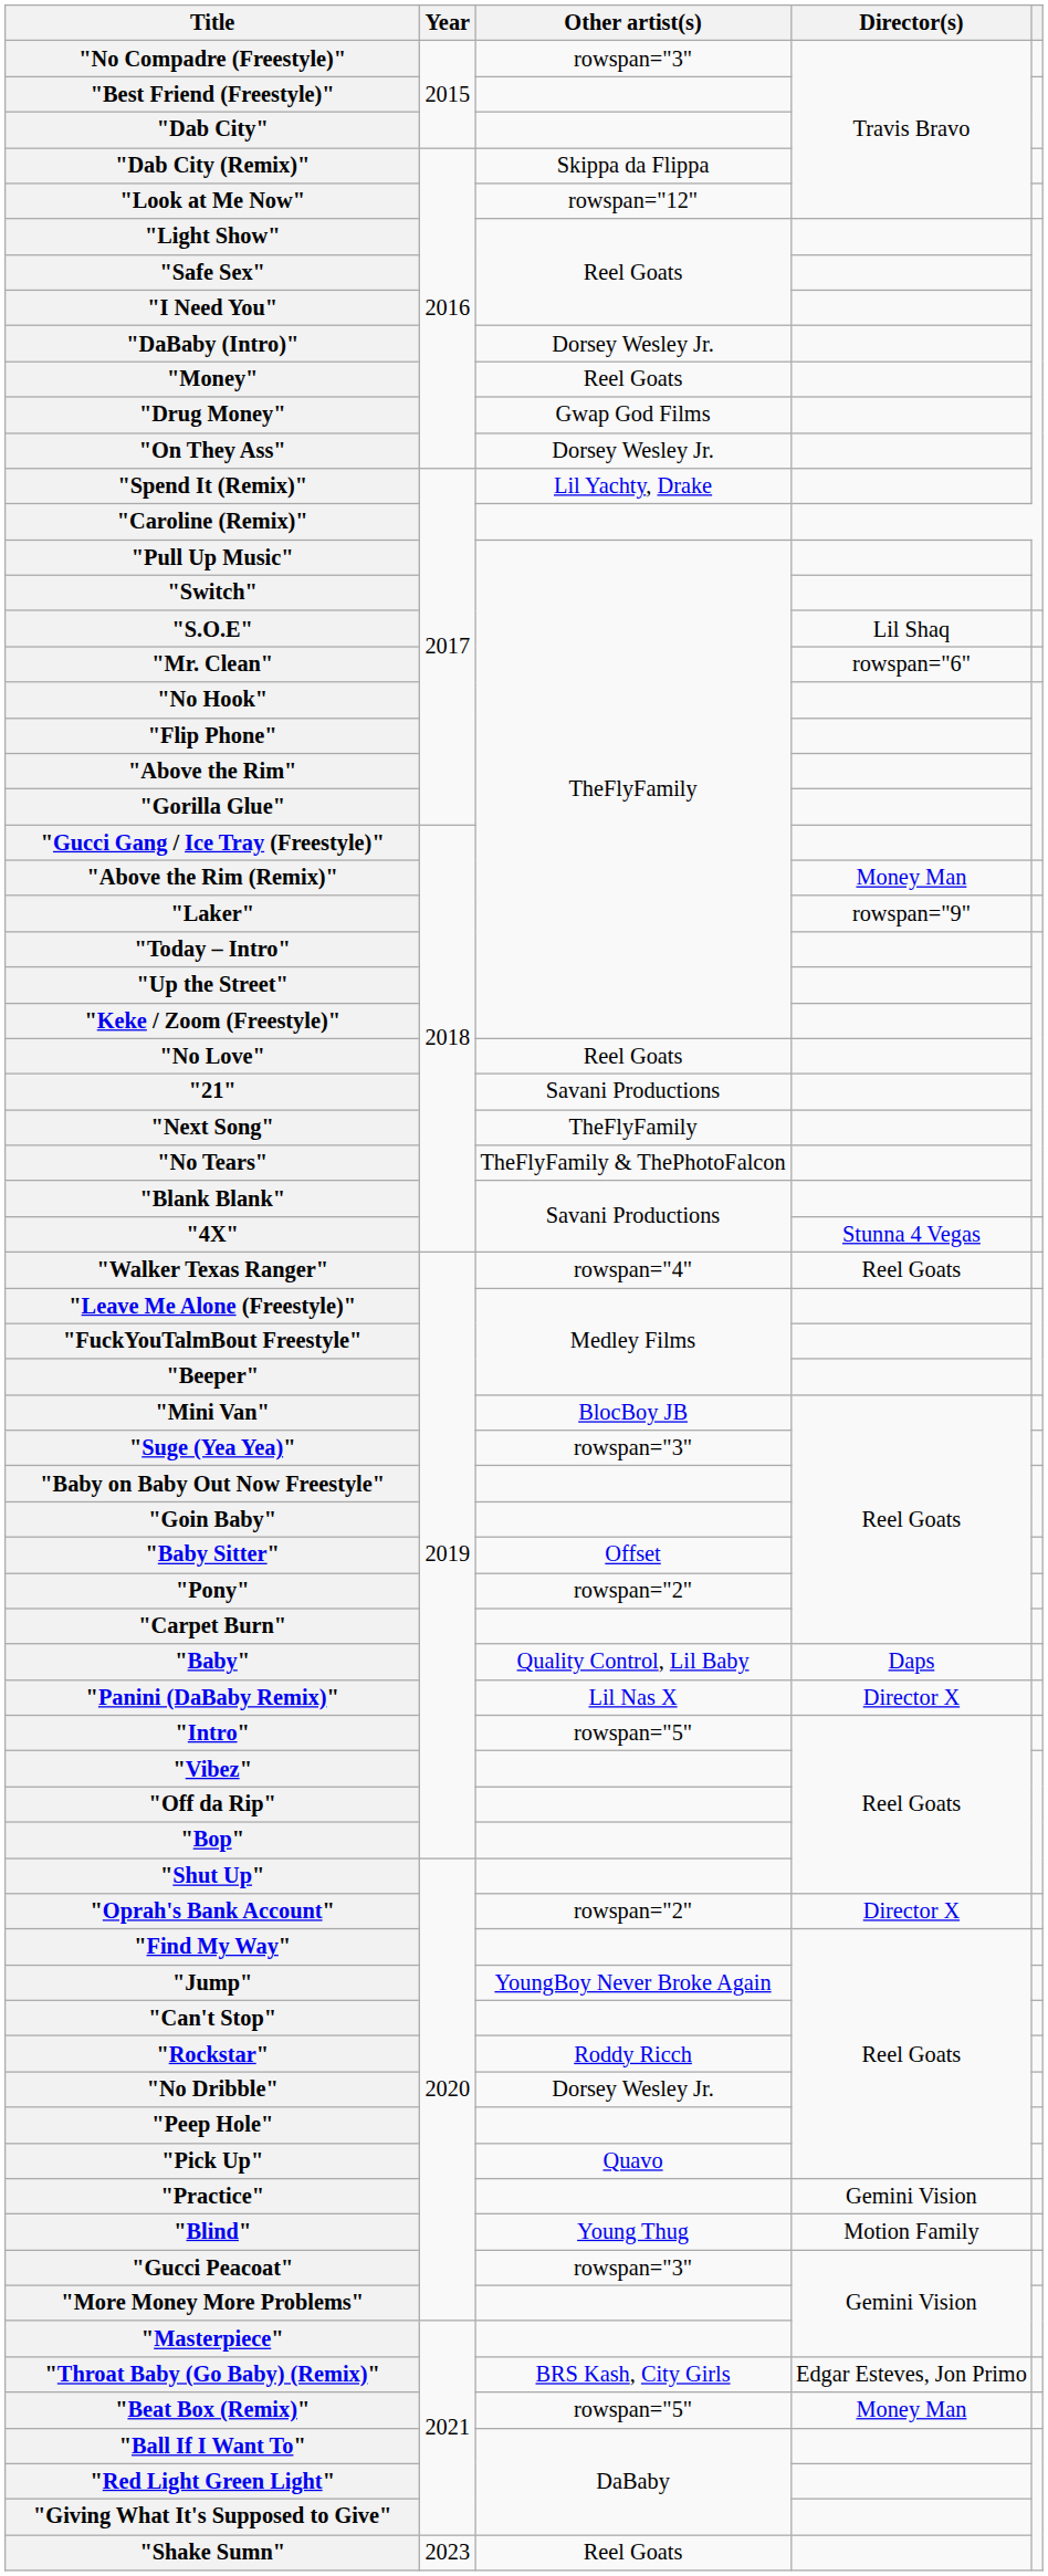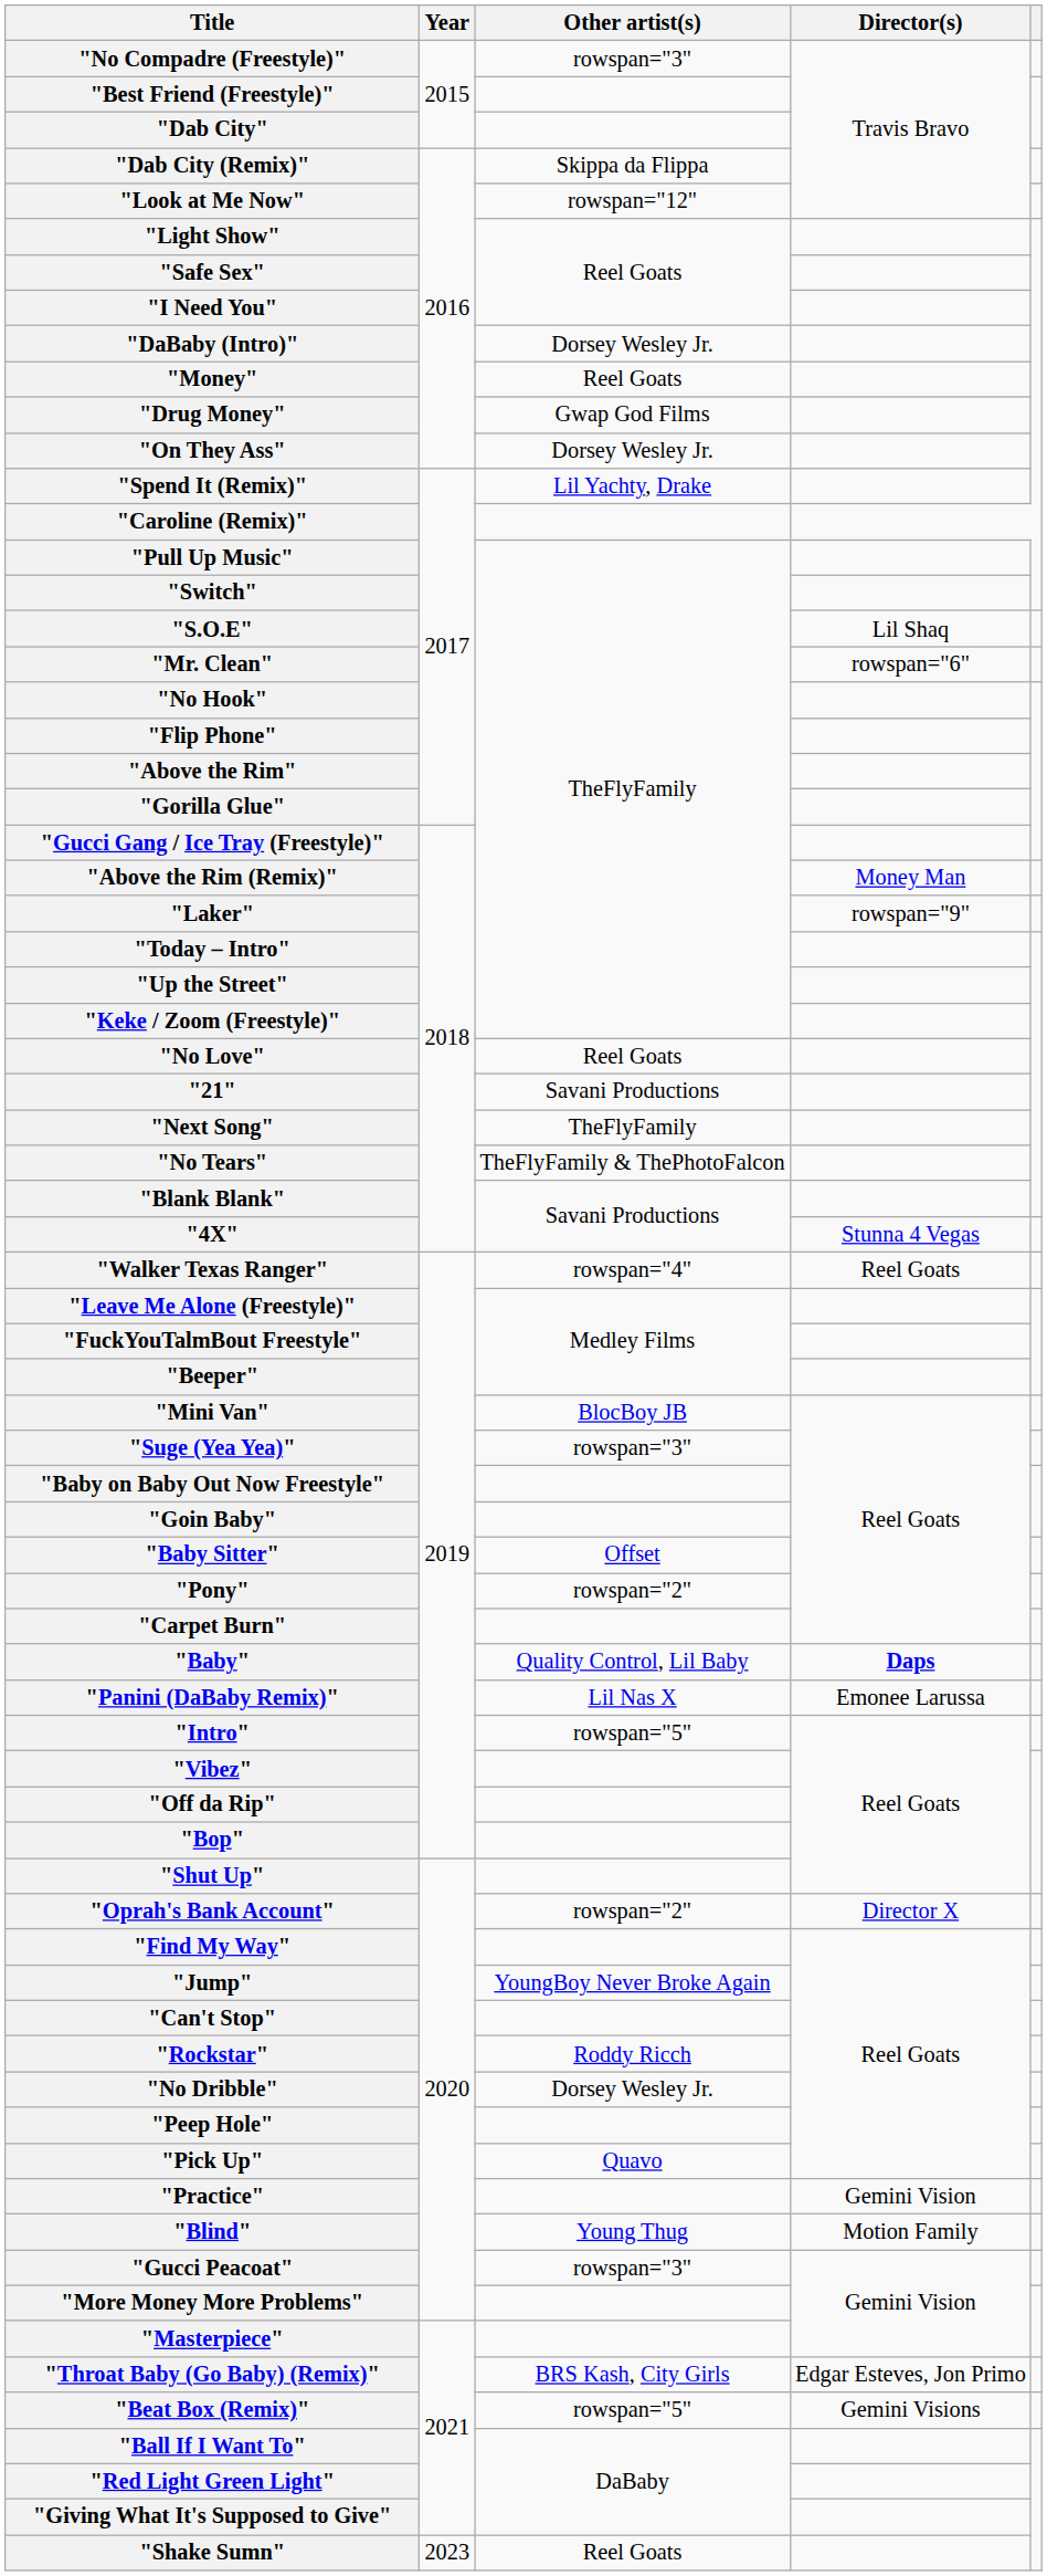 <table class="wikitable plainrowheaders" style="text-align:center;">
 <tr>
 <th scope="col" style="width:18em;">Title</th>
 <th scope="col">Year</th>
 <th scope="col">Other artist(s)</th>
 <th scope="col">Director(s)</th>
 <th scope="col"></th>
 </tr>
 <tr>
 <th scope="row">"No Compadre (Freestyle)"</th>
 <td rowspan="3">2015</td>
 <td>rowspan="3" </td>
 <td rowspan="5">Travis Bravo</td>
 <td></td>
 </tr>
 <tr>
 <th scope="row">"Best Friend (Freestyle)"</th>
 <td></td>
 </tr>
 <tr>
 <th scope="row">"Dab City"</th>
 <td></td>
 </tr>
 <tr>
 <th scope="row">"Dab City (Remix)"</th>
 <td rowspan="9">2016</td>
 <td>Skippa da Flippa</td>
 <td></td>
 </tr>
 <tr>
 <th scope="row">"Look at Me Now"</th>
 <td>rowspan="12" </td>
 <td></td>
 </tr>
 <tr>
 <th scope="row">"Light Show"</th>
 <td rowspan="3">Reel Goats</td>
 <td></td>
 </tr>
 <tr>
 <th scope="row">"Safe Sex"</th>
 <td></td>
 </tr>
 <tr>
 <th scope="row">"I Need You"</th>
 <td></td>
 </tr>
 <tr>
 <th scope="row">"DaBaby (Intro)"</th>
 <td>Dorsey Wesley Jr.</td>
 <td></td>
 </tr>
 <tr>
 <th scope="row">"Money"</th>
 <td>Reel Goats</td>
 <td></td>
 </tr>
 <tr>
 <th scope="row">"Drug Money"</th>
 <td>Gwap God Films</td>
 <td></td>
 </tr>
 <tr>
 <th scope="row">"On They Ass"</th>
 <td>Dorsey Wesley Jr.</td>
 <td></td>
 </tr>
 <tr>
 <th scope="row">"Spend It (Remix)"</th>
 <td rowspan="10">2017</td>
 <td><a href='#'>Lil Yachty</a>, <a href='#'>Drake</a></td>
 <td></td>
 </tr>
 <tr>
 <th scope="row">"Caroline (Remix)"</th>
 <td></td>
 </tr>
 <tr>
 <th scope="row">"Pull Up Music"</th>
 <td rowspan="14">TheFlyFamily</td>
 <td></td>
 </tr>
 <tr>
 <th scope="row">"Switch"</th>
 <td></td>
 </tr>
 <tr>
 <th scope="row">"S.O.E"</th>
 <td>Lil Shaq</td>
 <td></td>
 </tr>
 <tr>
 <th scope="row">"Mr. Clean"</th>
 <td>rowspan="6" </td>
 <td></td>
 </tr>
 <tr>
 <th scope="row">"No Hook"</th>
 <td></td>
 </tr>
 <tr>
 <th scope="row">"Flip Phone"</th>
 <td></td>
 </tr>
 <tr>
 <th scope="row">"Above the Rim"</th>
 <td></td>
 </tr>
 <tr>
 <th scope="row">"Gorilla Glue"</th>
 <td></td>
 </tr>
 <tr>
 <th scope="row">"<a href='#'>Gucci Gang</a> / <a href='#'>Ice Tray</a> (Freestyle)"</th>
 <td rowspan="12">2018</td>
 <td></td>
 </tr>
 <tr>
 <th scope="row">"Above the Rim (Remix)"</th>
 <td><a href='#'>Money Man</a></td>
 <td></td>
 </tr>
 <tr>
 <th scope="row">"Laker"</th>
 <td>rowspan="9" </td>
 <td></td>
 </tr>
 <tr>
 <th scope="row">"Today – Intro"</th>
 <td></td>
 </tr>
 <tr>
 <th scope="row">"Up the Street"</th>
 <td></td>
 </tr>
 <tr>
 <th scope="row">"<a href='#'>Keke</a> / Zoom (Freestyle)"</th>
 <td></td>
 </tr>
 <tr>
 <th scope="row">"No Love"</th>
 <td>Reel Goats</td>
 <td></td>
 </tr>
 <tr>
 <th scope="row">"21"</th>
 <td>Savani Productions</td>
 <td></td>
 </tr>
 <tr>
 <th scope="row">"Next Song"</th>
 <td>TheFlyFamily</td>
 <td></td>
 </tr>
 <tr>
 <th scope="row">"No Tears"</th>
 <td>TheFlyFamily & ThePhotoFalcon</td>
 <td></td>
 </tr>
 <tr>
 <th scope="row">"Blank Blank"</th>
 <td rowspan="2">Savani Productions</td>
 <td></td>
 </tr>
 <tr>
 <th scope="row">"4X"</th>
 <td><a href='#'>Stunna 4 Vegas</a></td>
 <td></td>
 </tr>
 <tr>
 <th scope="row">"Walker Texas Ranger"</th>
 <td rowspan="17">2019</td>
 <td>rowspan="4" </td>
 <td>Reel Goats</td>
 <td></td>
 </tr>
 <tr>
 <th scope="row">"<a href='#'>Leave Me Alone</a> (Freestyle)"</th>
 <td rowspan="3">Medley Films</td>
 <td></td>
 </tr>
 <tr>
 <th scope="row">"FuckYouTalmBout Freestyle"</th>
 <td></td>
 </tr>
 <tr>
 <th scope="row">"Beeper"</th>
 <td></td>
 </tr>
 <tr>
 <th scope="row">"Mini Van"</th>
 <td><a href='#'>BlocBoy JB</a></td>
 <td rowspan="7">Reel Goats</td>
 <td></td>
 </tr>
 <tr>
 <th scope="row">"<a href='#'>Suge (Yea Yea)</a>"</th>
 <td>rowspan="3" </td>
 <td></td>
 </tr>
 <tr>
 <th scope="row">"Baby on Baby Out Now Freestyle"</th>
 <td></td>
 </tr>
 <tr>
 <th scope="row">"Goin Baby"</th>
 <td></td>
 </tr>
 <tr>
 <th scope="row">"<a href='#'>Baby Sitter</a>"</th>
 <td><a href='#'>Offset</a></td>
 <td></td>
 </tr>
 <tr>
 <th scope="row">"Pony"</th>
 <td>rowspan="2" </td>
 <td></td>
 </tr>
 <tr>
 <th scope="row">"Carpet Burn"</th>
 <td></td>
 </tr>
 <tr>
 <th scope="row">"<a href='#'>Baby</a>"</th>
 <td><a href='#'>Quality Control</a>, <a href='#'>Lil Baby</a></td>
-<td><a href='#'>Daps</a></td>
+<td><strong><a href='#'>Daps</a></strong></td>
 <td></td>
 </tr>
 <tr>
 <th scope="row">"<a href='#'>Panini (DaBaby Remix)</a>"</th>
 <td><a href='#'>Lil Nas X</a></td>
-<td><a href='#'>Director X</a></td>
+<td>Emonee Larussa</td>
 <td></td>
 </tr>
 <tr>
 <th scope="row">"<a href='#'>Intro</a>"</th>
 <td>rowspan="5" </td>
 <td rowspan="5">Reel Goats</td>
 <td></td>
 </tr>
 <tr>
 <th scope="row">"<a href='#'>Vibez</a>"</th>
 <td></td>
 </tr>
 <tr>
 <th scope="row">"Off da Rip"</th>
 <td></td>
 </tr>
 <tr>
 <th scope="row">"<a href='#'>Bop</a>"</th>
 <td></td>
 </tr>
 <tr>
 <th scope="row">"<a href='#'>Shut Up</a>"</th>
 <td rowspan="13">2020</td>
 <td></td>
 </tr>
 <tr>
 <th scope="row">"<a href='#'>Oprah's Bank Account</a>"</th>
 <td>rowspan="2" </td>
 <td><a href='#'>Director X</a></td>
 <td></td>
 </tr>
 <tr>
 <th scope="row">"<a href='#'>Find My Way</a>"</th>
 <td></td>
 <td rowspan="7">Reel Goats</td>
 <td></td>
 </tr>
 <tr>
 <th scope="row">"Jump"</th>
 <td><a href='#'>YoungBoy Never Broke Again</a></td>
 <td></td>
 </tr>
 <tr>
 <th scope="row">"Can't Stop"</th>
 <td></td>
 <td></td>
 </tr>
 <tr>
 <th scope="row">"<a href='#'>Rockstar</a>"</th>
 <td><a href='#'>Roddy Ricch</a></td>
 <td></td>
 </tr>
 <tr>
 <th scope="row">"No Dribble"</th>
 <td>Dorsey Wesley Jr.</td>
 <td></td>
 </tr>
 <tr>
 <th scope="row">"Peep Hole"</th>
 <td></td>
 <td></td>
 </tr>
 <tr>
 <th scope="row">"Pick Up"</th>
 <td><a href='#'>Quavo</a></td>
 <td></td>
 </tr>
 <tr>
 <th scope="row">"Practice"</th>
 <td></td>
 <td>Gemini Vision</td>
 <td></td>
 </tr>
 <tr>
 <th scope="row">"<a href='#'>Blind</a>"</th>
 <td><a href='#'>Young Thug</a></td>
 <td>Motion Family</td>
 <td></td>
 </tr>
 <tr>
 <th scope="row">"Gucci Peacoat"</th>
 <td>rowspan="3" </td>
 <td rowspan="3">Gemini Vision</td>
 <td></td>
 </tr>
 <tr>
 <th scope="row">"More Money More Problems"</th>
 <td></td>
 </tr>
 <tr>
 <th scope="row">"<a href='#'>Masterpiece</a>"</th>
 <td rowspan="6">2021</td>
 <td></td>
 </tr>
 <tr>
 <th scope="row">"<a href='#'>Throat Baby (Go Baby) (Remix)</a>"</th>
 <td><a href='#'>BRS Kash</a>, <a href='#'>City Girls</a></td>
 <td>Edgar Esteves, Jon Primo</td>
 <td></td>
 </tr>
 <tr>
 <th scope="row">"<a href='#'>Beat Box (Remix)</a>"</th>
 <td>rowspan="5" </td>
-<td><a href='#'>Money Man</a></td>
+<td>Gemini Visions</td>
 <td></td>
 </tr>
 <tr>
 <th scope="row">"<a href='#'>Ball If I Want To</a>"</th>
 <td rowspan="3">DaBaby</td>
 <td></td>
 </tr>
 <tr>
 <th scope="row">"<a href='#'>Red Light Green Light</a>"</th>
 <td></td>
 </tr>
 <tr>
 <th scope="row">"Giving What It's Supposed to Give"</th>
 <td></td>
 </tr>
 <tr>
 <th scope="row">"Shake Sumn"</th>
 <td>2023</td>
 <td>Reel Goats</td>
 <td></td>
 </tr>
 </table>
